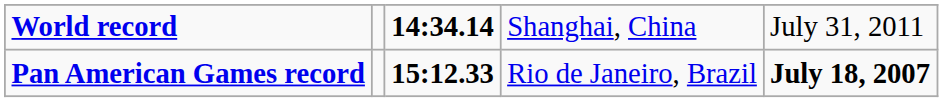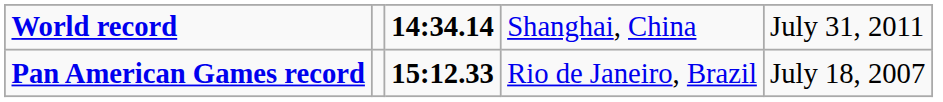 <table class="wikitable">
 <tr>
 <td><strong><a href='#'>World record</a></strong></td>
 <td></td>
 <td><strong>14:34.14</strong></td>
 <td><a href='#'>Shanghai</a>, <a href='#'>China</a></td>
 <td>July 31, 2011</td>
 </tr>
 <tr>
 <td><strong><a href='#'>Pan American Games record</a></strong></td>
 <td></td>
 <td><strong>15:12.33</strong></td>
 <td><a href='#'>Rio de Janeiro</a>, <a href='#'>Brazil</a></td>
-<td><strong>July 18, 2007</strong></td>
+<td>July 18, 2007</td>
 </tr>
 </table>
